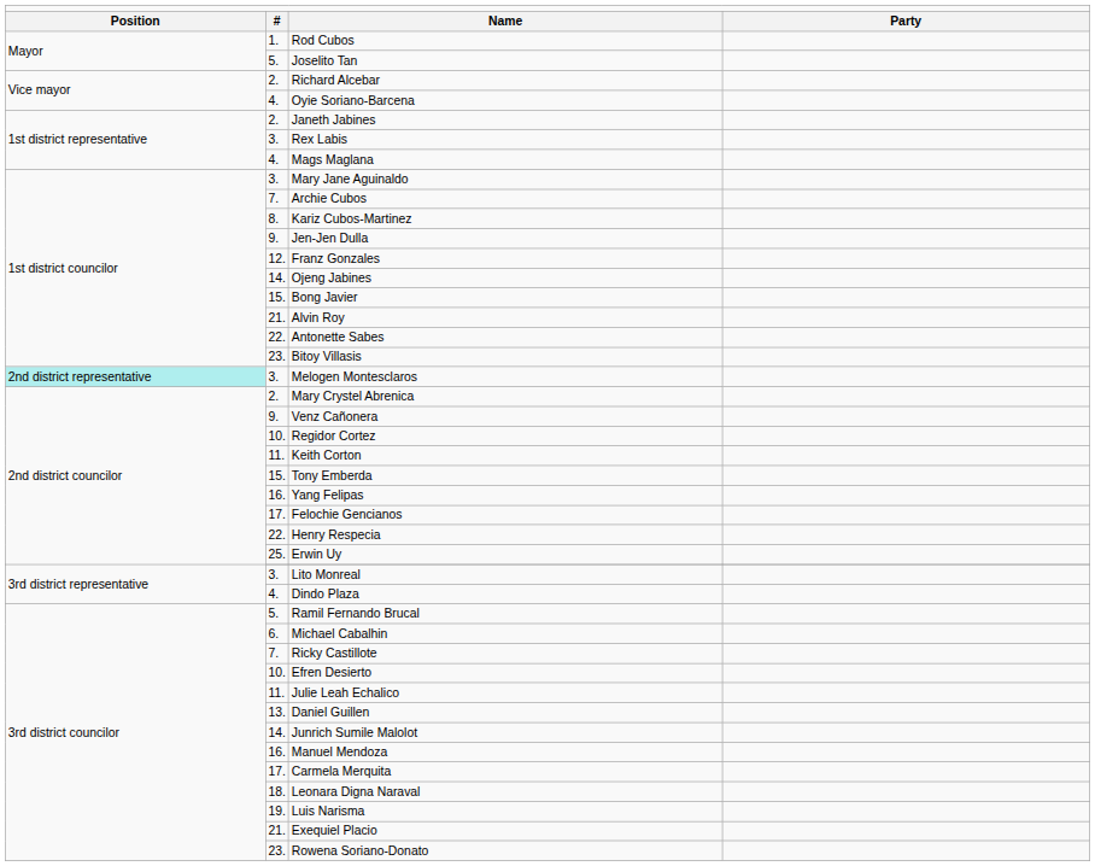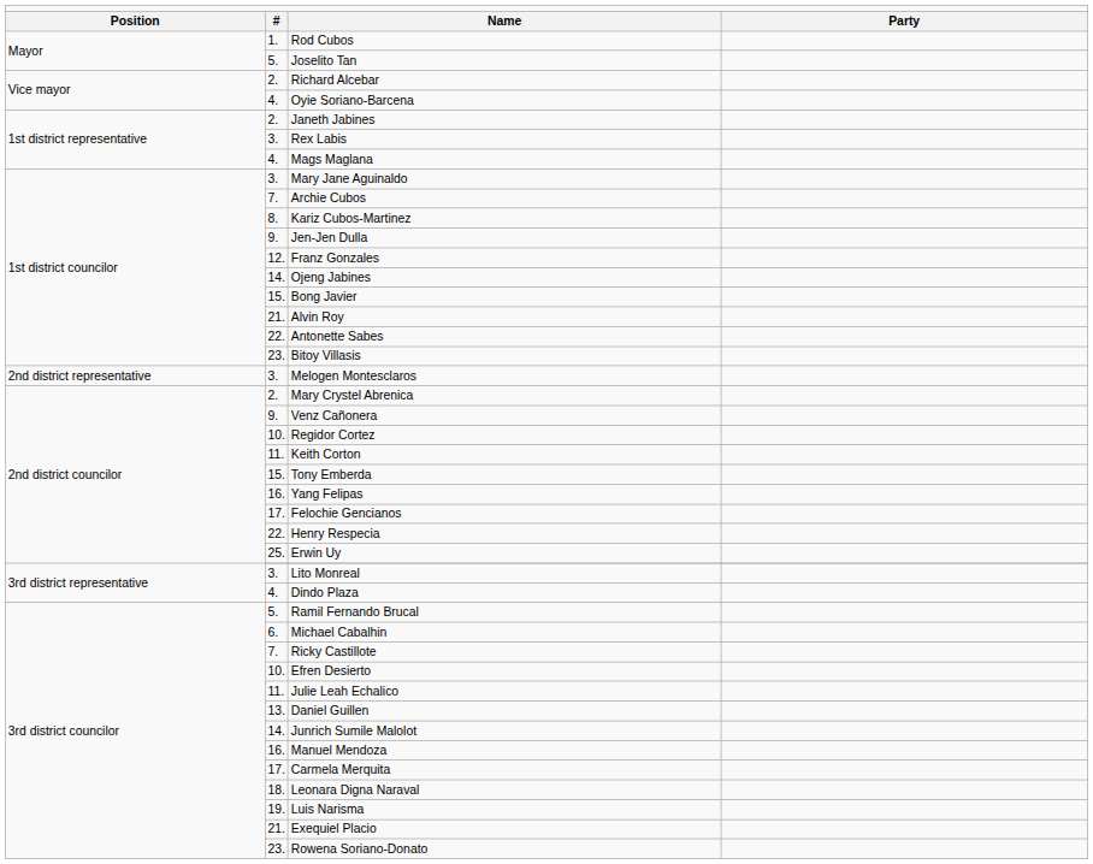 <table class=wikitable style="font-size:90%">
 <tr>
 <td colspan="5"></td>
 </tr>
 <tr>
 <th width=24%>Position</th>
 <th width=1%>#</th>
 <th width=40%>Name</th>
 <th colspan=2>Party</th>
 </tr>
 <tr>
 <td rowspan="2">Mayor</td>
 <td>1.</td>
 <td>Rod Cubos</td>
 <td></td>
 </tr>
 <tr>
 <td>5.</td>
 <td>Joselito Tan</td>
 <td></td>
 </tr>
 <tr>
 <td rowspan="2">Vice mayor</td>
 <td>2.</td>
 <td>Richard Alcebar</td>
 <td></td>
 </tr>
 <tr>
 <td>4.</td>
 <td>Oyie Soriano-Barcena</td>
 <td></td>
 </tr>
 <tr>
 <td rowspan="3">1st district representative</td>
 <td>2.</td>
 <td>Janeth Jabines</td>
 <td></td>
 </tr>
 <tr>
 <td>3.</td>
 <td>Rex Labis</td>
 <td></td>
 </tr>
 <tr>
 <td>4.</td>
 <td>Mags Maglana</td>
 <td></td>
 </tr>
 <tr>
 <td rowspan="10">1st district councilor</td>
 <td>3.</td>
 <td>Mary Jane Aguinaldo</td>
 <td></td>
 </tr>
 <tr>
 <td>7.</td>
 <td>Archie Cubos</td>
 <td></td>
 </tr>
 <tr>
 <td>8.</td>
 <td>Kariz Cubos-Martinez</td>
 <td></td>
 </tr>
 <tr>
 <td>9.</td>
 <td>Jen-Jen Dulla</td>
 <td></td>
 </tr>
 <tr>
 <td>12.</td>
 <td>Franz Gonzales</td>
 <td></td>
 </tr>
 <tr>
 <td>14.</td>
 <td>Ojeng Jabines</td>
 <td></td>
 </tr>
 <tr>
 <td>15.</td>
 <td>Bong Javier</td>
 <td></td>
 </tr>
 <tr>
 <td>21.</td>
 <td>Alvin Roy</td>
 <td></td>
 </tr>
 <tr>
 <td>22.</td>
 <td>Antonette Sabes</td>
 <td></td>
 </tr>
 <tr>
 <td>23.</td>
 <td>Bitoy Villasis</td>
 <td></td>
 </tr>
 <tr>
-<td style="background: paleturquoise;">2nd district representative</td>
+<td>2nd district representative</td>
 <td>3.</td>
 <td>Melogen Montesclaros</td>
 <td></td>
 </tr>
 <tr>
 <td rowspan="9">2nd district councilor</td>
 <td>2.</td>
 <td>Mary Crystel Abrenica</td>
 <td></td>
 </tr>
 <tr>
 <td>9.</td>
 <td>Venz Cañonera</td>
 <td></td>
 </tr>
 <tr>
 <td>10.</td>
 <td>Regidor Cortez</td>
 <td></td>
 </tr>
 <tr>
 <td>11.</td>
 <td>Keith Corton</td>
 <td></td>
 </tr>
 <tr>
 <td>15.</td>
 <td>Tony Emberda</td>
 <td></td>
 </tr>
 <tr>
 <td>16.</td>
 <td>Yang Felipas</td>
 <td></td>
 </tr>
 <tr>
 <td>17.</td>
 <td>Felochie Gencianos</td>
 <td></td>
 </tr>
 <tr>
 <td>22.</td>
 <td>Henry Respecia</td>
 <td></td>
 </tr>
 <tr>
 <td>25.</td>
 <td>Erwin Uy</td>
 <td></td>
 </tr>
 <tr>
 <td rowspan="3">3rd district representative</td>
 </tr>
 <tr>
 <td>3.</td>
 <td>Lito Monreal</td>
 <td></td>
 </tr>
 <tr>
 <td>4.</td>
 <td>Dindo Plaza</td>
 <td></td>
 </tr>
 <tr>
 <td rowspan="13">3rd district councilor</td>
 <td>5.</td>
 <td>Ramil Fernando Brucal</td>
 <td></td>
 </tr>
 <tr>
 <td>6.</td>
 <td>Michael Cabalhin</td>
 <td></td>
 </tr>
 <tr>
 <td>7.</td>
 <td>Ricky Castillote</td>
 <td></td>
 </tr>
 <tr>
 <td>10.</td>
 <td>Efren Desierto</td>
 <td></td>
 </tr>
 <tr>
 <td>11.</td>
 <td>Julie Leah Echalico</td>
 <td></td>
 </tr>
 <tr>
 <td>13.</td>
 <td>Daniel Guillen</td>
 <td></td>
 </tr>
 <tr>
 <td>14.</td>
 <td>Junrich Sumile Malolot</td>
 <td></td>
 </tr>
 <tr>
 <td>16.</td>
 <td>Manuel Mendoza</td>
 <td></td>
 </tr>
 <tr>
 <td>17.</td>
 <td>Carmela Merquita</td>
 <td></td>
 </tr>
 <tr>
 <td>18.</td>
 <td>Leonara Digna Naraval</td>
 <td></td>
 </tr>
 <tr>
 <td>19.</td>
 <td>Luis Narisma</td>
 <td></td>
 </tr>
 <tr>
 <td>21.</td>
 <td>Exequiel Placio</td>
 <td></td>
 </tr>
 <tr>
 <td>23.</td>
 <td>Rowena Soriano-Donato</td>
 <td></td>
 </tr>
 </table>
